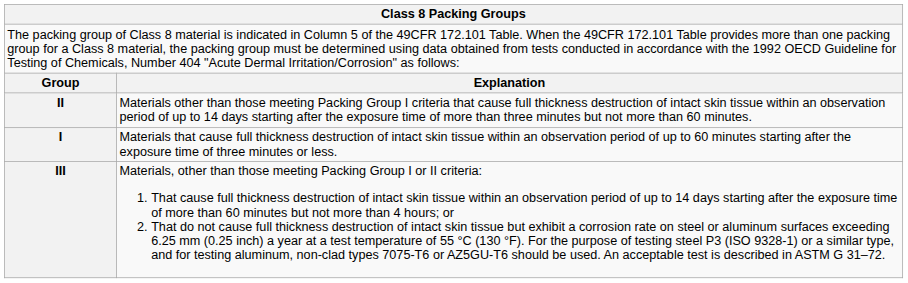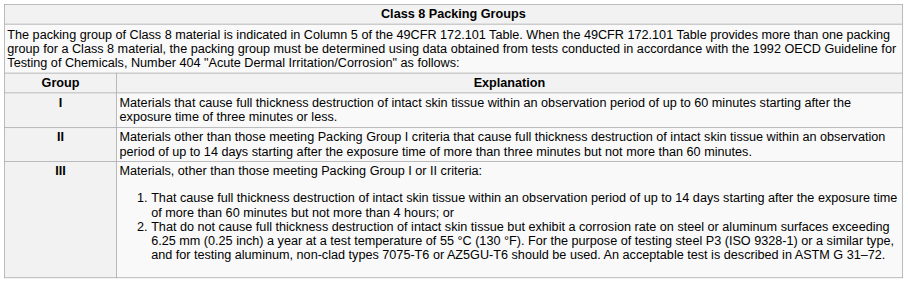 <table class=wikitable width=90% align=center>
 <tr>
 <th colspan=2>Class 8 Packing Groups</th>
 </tr>
 <tr>
 <td colspan=2>The packing group of Class 8 material is indicated in Column 5 of the 49CFR 172.101 Table. When the 49CFR 172.101 Table provides more than one packing group for a Class 8 material, the packing group must be determined using data obtained from tests conducted in accordance with the 1992 OECD Guideline for Testing of Chemicals, Number 404 "Acute Dermal Irritation/Corrosion" as follows:</td>
 </tr>
 <tr>
 <th style="vertical-align:top;" width=12.5%>Group</th>
 <th style="vertical-align:top;">Explanation</th>
 </tr>
 <tr>
+<th style="vertical-align:top;">I</th>
+<td style="vertical-align:top;">Materials that cause full thickness destruction of intact skin tissue within an observation period of up to 60 minutes starting after the exposure time of three minutes or less.</td>
+</tr>
+<tr>
 <th style="vertical-align:top;">II</th>
 <td style="vertical-align:top;">Materials other than those meeting Packing Group I criteria that cause full thickness destruction of intact skin tissue within an observation period of up to 14 days starting after the exposure time of more than three minutes but not more than 60 minutes.</td>
-</tr>
-<tr>
-<th style="vertical-align:top;">I</th>
-<td style="vertical-align:top;">Materials that cause full thickness destruction of intact skin tissue within an observation period of up to 60 minutes starting after the exposure time of three minutes or less.</td>
 </tr>
 <tr>
 <th style="vertical-align:top;">III</th>
 <td style="vertical-align:top;">Materials, other than those meeting Packing Group I or II criteria:<br><ol><li>That cause full thickness destruction of intact skin tissue within an observation period of up to 14 days starting after the exposure time of more than 60 minutes but not more than 4 hours; or</li><li>That do not cause full thickness destruction of intact skin tissue but exhibit a corrosion rate on steel or aluminum surfaces exceeding 6.25 mm (0.25 inch) a year at a test temperature of 55 °C (130 °F). For the purpose of testing steel P3 (ISO 9328-1) or a similar type, and for testing aluminum, non-clad types 7075-T6 or AZ5GU-T6 should be used. An acceptable test is described in ASTM G 31–72.</li></ol></td>
 </tr>
 </table>
